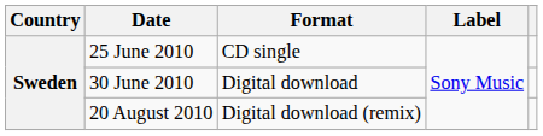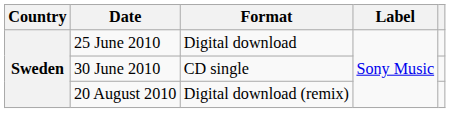 <table class="wikitable plainrowheaders">
 <tr>
 <th scope="col">Country</th>
 <th scope="col">Date</th>
 <th scope="col">Format</th>
 <th scope="col">Label</th>
 <th scope="col"></th>
 </tr>
 <tr>
 <th scope="row" rowspan="3">Sweden</th>
 <td>25 June 2010</td>
-<td>CD single</td>
+<td>Digital download</td>
 <td rowspan="3"><a href='#'>Sony Music</a></td>
 <td align="center"></td>
 </tr>
 <tr>
 <td>30 June 2010</td>
-<td>Digital download</td>
+<td>CD single</td>
 <td align="center"></td>
 </tr>
 <tr>
 <td>20 August 2010</td>
 <td>Digital download (remix)</td>
 <td align="center"></td>
 </tr>
 </table>
